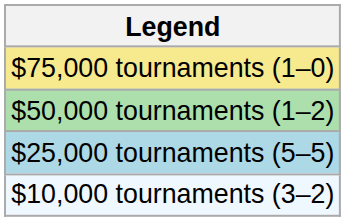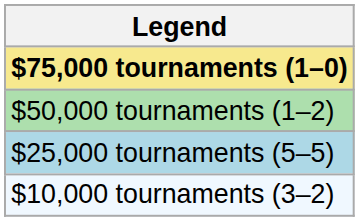 <table class="wikitable" style="font-size:85%">
 <tr>
 <th>Legend</th>
 </tr>
 <tr style="background:#f7e98e;">
-<td>$75,000 tournaments (1–0)</td>
+<td><strong>$75,000 tournaments (1–0)</strong></td>
 </tr>
 <tr style="background:#addfad;">
 <td>$50,000 tournaments (1–2)</td>
 </tr>
 <tr style="background:lightblue;">
 <td>$25,000 tournaments (5–5)</td>
 </tr>
 <tr style="background:#f0f8ff;">
 <td>$10,000 tournaments (3–2)</td>
 </tr>
 </table>
